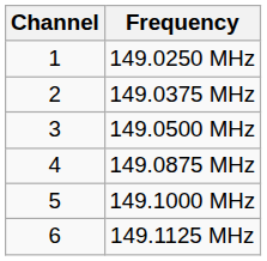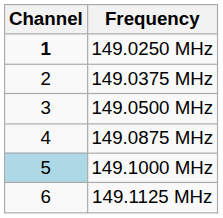 <table class="wikitable">
 <tr>
 <th>Channel</th>
 <th>Frequency</th>
 </tr>
 <tr style="text-align:center">
-<td>1</td>
+<td><strong>1</strong></td>
 <td>149.0250 MHz</td>
 </tr>
 <tr style="text-align:center">
 <td>2</td>
 <td>149.0375 MHz</td>
 </tr>
 <tr style="text-align:center">
 <td>3</td>
 <td>149.0500 MHz</td>
 </tr>
 <tr style="text-align:center">
 <td>4</td>
 <td>149.0875 MHz</td>
 </tr>
 <tr style="text-align:center">
-<td>5</td>
+<td style="background: lightblue;">5</td>
 <td>149.1000 MHz</td>
 </tr>
 <tr style="text-align:center">
 <td>6</td>
 <td>149.1125 MHz</td>
 </tr>
 </table>
